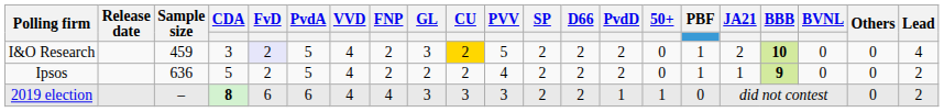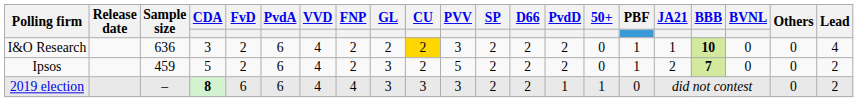 <table class="wikitable sortable tpl-blanktable" style="text-align:center;font-size:90%;line-height:14px;">
 <tr>
 <th rowspan="2">Polling firm</th>
 <th rowspan="2">Release<br>date</th>
 <th rowspan="2">Sample<br>size</th>
 <th class="unsortable" style="width:30px;"><a href='#'>CDA</a></th>
 <th class="unsortable" style="width:30px;"><a href='#'>FvD</a></th>
 <th class="unsortable" style="width:30px;"><a href='#'>PvdA</a></th>
 <th class="unsortable" style="width:30px;"><a href='#'>VVD</a></th>
 <th class="unsortable" style="width:30px;"><a href='#'>FNP</a></th>
 <th class="unsortable" style="width:30px;"><a href='#'>GL</a></th>
 <th class="unsortable" style="width:30px;"><a href='#'>CU</a></th>
 <th class="unsortable" style="width:30px;"><a href='#'>PVV</a></th>
 <th class="unsortable" style="width:30px;"><a href='#'>SP</a></th>
 <th class="unsortable" style="width:30px;"><a href='#'>D66</a></th>
 <th class="unsortable" style="width:30px;"><a href='#'>PvdD</a></th>
 <th class="unsortable" style="width:30px;"><a href='#'>50+</a></th>
 <th class="unsortable" style="width:30px;">PBF </th>
 <th class="unsortable" style="width:30px;"><a href='#'>JA21</a></th>
 <th class="unsortable" style="width:30px;"><a href='#'>BBB</a></th>
 <th class="unsortable" style="width:30px;"><a href='#'>BVNL</a></th>
 <th class="unsortable" style="width:30px;" rowspan="2">Others</th>
 <th rowspan="2">Lead</th>
 </tr>
 <tr>
 <th data-sort-type="number" style="background:"></th>
 <th data-sort-type="number" style="background:"></th>
 <th data-sort-type="number" style="background:"></th>
 <th data-sort-type="number" style="background:"></th>
 <th data-sort-type="number" style="background:"></th>
 <th data-sort-type="number" style="background:"></th>
 <th data-sort-type="number" style="background:"></th>
 <th data-sort-type="number" style="background:"></th>
 <th data-sort-type="number" style="background:"></th>
 <th data-sort-type="number" style="background:"></th>
 <th data-sort-type="number" style="background:"></th>
 <th data-sort-type="number" style="background:"></th>
 <th data-sort-type="number" style="background:#389ad6;"></th>
 <th data-sort-type="number" style="background:"></th>
 <th data-sort-type="number" style="background:"></th>
 <th data-sort-type="number" style="background:"></th>
 </tr>
 <tr>
 <td>I&O Research</td>
 <td></td>
-<td>459</td>
+<td>636</td>
 <td>3</td>
-<td style="background: lavender;">2</td>
-<td>5</td>
+<td>2</td>
+<td>6</td>
 <td>4</td>
 <td>2</td>
+<td>2</td>
+<td style="background: gold;">2</td>
 <td>3</td>
-<td style="background: gold;">2</td>
-<td>5</td>
 <td>2</td>
 <td>2</td>
 <td>2</td>
 <td>0</td>
 <td>1</td>
-<td>2</td>
+<td>1</td>
 <td style="background:#d3ea9e;"><strong>10</strong></td>
 <td>0</td>
 <td>0</td>
 <td style="background:">4</td>
 </tr>
 <tr>
 <td>Ipsos</td>
 <td></td>
-<td>636</td>
+<td>459</td>
 <td>5</td>
 <td>2</td>
-<td>5</td>
+<td>6</td>
 <td>4</td>
 <td>2</td>
+<td>3</td>
 <td>2</td>
-<td>2</td>
-<td>4</td>
+<td>5</td>
 <td>2</td>
 <td>2</td>
 <td>2</td>
 <td>0</td>
 <td>1</td>
-<td>1</td>
-<td style="background:#d3ea9e;"><strong>9</strong></td>
+<td>2</td>
+<td style="background:#d3ea9e;"><strong>7</strong></td>
 <td>0</td>
 <td>0</td>
 <td style="background:">2</td>
 </tr>
 <tr style="background:#E9E9E9;">
 <td><a href='#'>2019 election</a></td>
 <td></td>
 <td>–</td>
 <td style="background:#D3F2D0;"><strong>8</strong></td>
 <td>6</td>
 <td>6</td>
 <td>4</td>
 <td>4</td>
 <td>3</td>
 <td>3</td>
 <td>3</td>
 <td>2</td>
 <td>2</td>
 <td>1</td>
 <td>1</td>
 <td>0</td>
 <td colspan=3><em>did not contest</em></td>
 <td>0</td>
 <td style="background:">2</td>
 </tr>
 </table>
